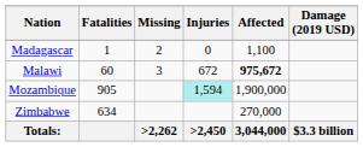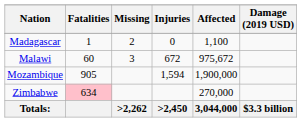 <table class="wikitable sortable" align=right>
 <tr>
 </tr>
 <tr style="text-align:center;">
 <th>Nation</th>
 <th>Fatalities</th>
 <th>Missing</th>
 <th>Injuries</th>
 <th>Affected</th>
 <th>Damage<br>(2019 USD)</th>
 </tr>
 <tr>
 </tr>
 <tr>
 </tr>
 <tr style="text-align:center;">
 <td scope="row"><a href='#'>Madagascar</a></td>
 <td>1</td>
 <td>2</td>
 <td>0</td>
 <td>1,100</td>
 <td></td>
 </tr>
 <tr style="text-align:center;">
 <td scope="row"><a href='#'>Malawi</a></td>
 <td>60</td>
 <td>3</td>
 <td>672</td>
-<td><strong>975,672</strong></td>
+<td>975,672</td>
 <td></td>
 </tr>
 <tr style="text-align:center;">
 <td scope="row"><a href='#'>Mozambique</a></td>
 <td>905</td>
 <td></td>
-<td style="background: paleturquoise;">1,594</td>
+<td>1,594</td>
 <td>1,900,000</td>
 <td></td>
 </tr>
 <tr style="text-align:center;">
 <td scope="row"><a href='#'>Zimbabwe</a></td>
-<td>634</td>
+<td style="background: pink;">634</td>
 <td></td>
 <td></td>
 <td>270,000</td>
 <td></td>
 </tr>
 <tr class="sortbottom">
 <th>Totals:</th>
 <th></th>
 <th>>2,262</th>
 <th>>2,450</th>
 <th>3,044,000</th>
 <th>$3.3 billion</th>
 </tr>
 </table>
